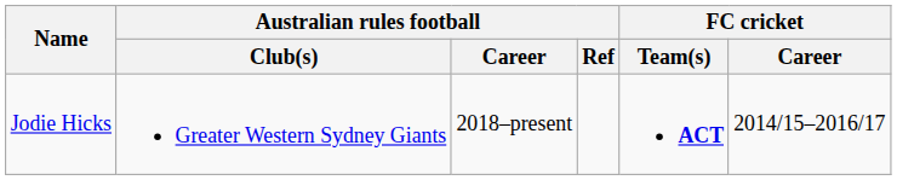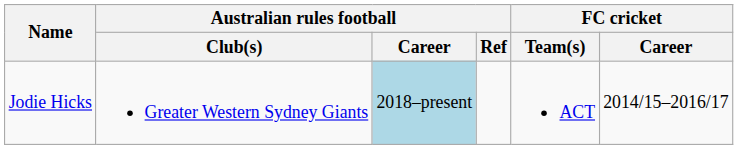 <table class=wikitable>
 <tr>
 <th rowspan=2>Name</th>
 <th colspan=3>Australian rules football</th>
 <th colspan=2>FC cricket</th>
 </tr>
 <tr>
 <th>Club(s)</th>
 <th>Career</th>
 <th>Ref</th>
 <th>Team(s)</th>
 <th>Career</th>
 </tr>
 <tr>
 <td><a href='#'>Jodie Hicks</a></td>
 <td><br><ul><li><a href='#'>Greater Western Sydney Giants</a></li></ul></td>
-<td>2018–present</td>
+<td style="background: lightblue;">2018–present</td>
 <td></td>
-<td><strong><br><ul><li><a href='#'>ACT</a></li></ul></strong></td>
+<td><br><ul><li><a href='#'>ACT</a></li></ul></td>
 <td>2014/15–2016/17</td>
 </tr>
 </table>
